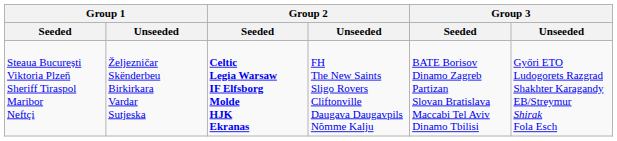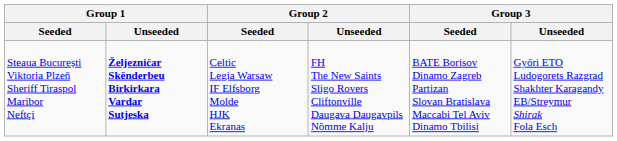 <table class="wikitable" style="font-size:80%">
 <tr>
 <th colspan=2>Group 1</th>
 <th colspan=2>Group 2</th>
 <th colspan=2>Group 3</th>
 </tr>
 <tr>
 <th width=16%>Seeded</th>
 <th width=16%>Unseeded</th>
 <th width=16%>Seeded</th>
 <th width=16%>Unseeded</th>
 <th width=16%>Seeded</th>
 <th width=16%>Unseeded</th>
 </tr>
 <tr>
 <td valign=top><br> <a href='#'>Steaua București</a><br>  <a href='#'>Viktoria Plzeň</a><br>  <a href='#'>Sheriff Tiraspol</a><br>  <a href='#'>Maribor</a><br>  <a href='#'>Neftçi</a></td>
-<td valign=top><br> <a href='#'>Željezničar</a><br>  <a href='#'>Skënderbeu</a><br>  <a href='#'>Birkirkara</a><br>  <a href='#'>Vardar</a><br>  <a href='#'>Sutjeska</a></td>
-<td valign=top><strong><br> <a href='#'>Celtic</a><br>  <a href='#'>Legia Warsaw</a><br>  <a href='#'>IF Elfsborg</a><br>  <a href='#'>Molde</a><br>  <a href='#'>HJK</a><br>  <a href='#'>Ekranas</a></strong></td>
+<td valign=top><strong><br> <a href='#'>Željezničar</a><br>  <a href='#'>Skënderbeu</a><br>  <a href='#'>Birkirkara</a><br>  <a href='#'>Vardar</a><br>  <a href='#'>Sutjeska</a></strong></td>
+<td valign=top><br> <a href='#'>Celtic</a><br>  <a href='#'>Legia Warsaw</a><br>  <a href='#'>IF Elfsborg</a><br>  <a href='#'>Molde</a><br>  <a href='#'>HJK</a><br>  <a href='#'>Ekranas</a></td>
 <td valign=top><br> <a href='#'>FH</a><br>  <a href='#'>The New Saints</a><br>  <a href='#'>Sligo Rovers</a><br>  <a href='#'>Cliftonville</a><br>  <a href='#'>Daugava Daugavpils</a><br>  <a href='#'>Nõmme Kalju</a></td>
 <td valign=top><br> <a href='#'>BATE Borisov</a><br>  <a href='#'>Dinamo Zagreb</a><br>  <a href='#'>Partizan</a><br>  <a href='#'>Slovan Bratislava</a><br>  <a href='#'>Maccabi Tel Aviv</a><br>  <a href='#'>Dinamo Tbilisi</a></td>
 <td valign=top><br> <a href='#'>Győri ETO</a><br>  <a href='#'>Ludogorets Razgrad</a><br>  <a href='#'>Shakhter Karagandy</a><br>  <a href='#'>EB/Streymur</a><br>  <em><a href='#'>Shirak</a></em><br>  <a href='#'>Fola Esch</a></td>
 </tr>
 </table>
